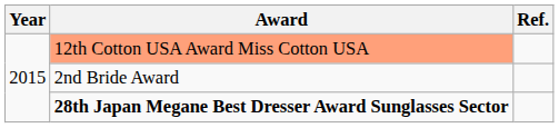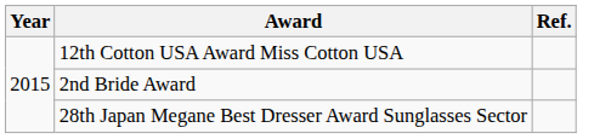 <table class="wikitable">
 <tr>
 <th>Year</th>
 <th>Award</th>
 <th>Ref.</th>
 </tr>
 <tr>
 <td rowspan="3">2015</td>
-<td style="background: lightsalmon;">12th Cotton USA Award Miss Cotton USA</td>
+<td>12th Cotton USA Award Miss Cotton USA</td>
 <td></td>
 </tr>
 <tr>
 <td>2nd Bride Award</td>
 <td></td>
 </tr>
 <tr>
-<td><strong>28th Japan Megane Best Dresser Award Sunglasses Sector</strong></td>
+<td>28th Japan Megane Best Dresser Award Sunglasses Sector</td>
 <td></td>
 </tr>
 </table>
